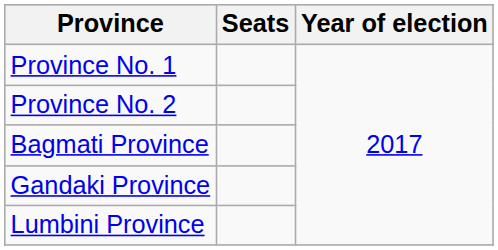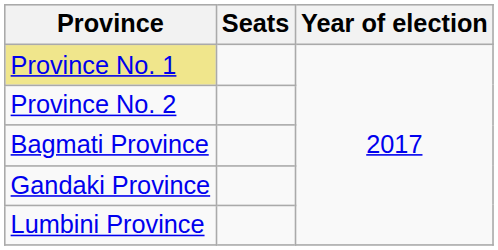 <table class="wikitable">
 <tr>
 <th>Province</th>
 <th>Seats</th>
 <th>Year of election</th>
 </tr>
 <tr>
-<td><a href='#'>Province No. 1</a></td>
+<td style="background: khaki;"><a href='#'>Province No. 1</a></td>
 <td></td>
 <td style="text-align:center;" rowspan="5"><a href='#'>2017</a></td>
 </tr>
 <tr>
 <td><a href='#'>Province No. 2</a></td>
 <td></td>
 </tr>
 <tr>
 <td><a href='#'>Bagmati Province</a></td>
 <td></td>
 </tr>
 <tr>
 <td><a href='#'>Gandaki Province</a></td>
 <td></td>
 </tr>
 <tr>
 <td><a href='#'>Lumbini Province</a></td>
 <td></td>
 </tr>
 </table>
